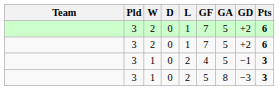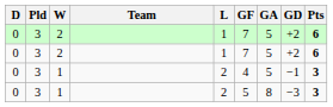 <table class="wikitable" style="text-align:center;">
 <tr>
-<th width=180>Team</th>
+<th width=20>D</th>
 <th width=20>Pld</th>
 <th width=20>W</th>
-<th width=20>D</th>
+<th width=180>Team</th>
 <th width=20>L</th>
 <th width=20>GF</th>
 <th width=20>GA</th>
 <th width=20>GD</th>
 <th width=20>Pts</th>
 </tr>
 <tr bgcolor=ccffcc>
-<td align="left"><em></em></td>
+<td>0</td>
 <td>3</td>
 <td>2</td>
-<td>0</td>
+<td align="left"><em></em></td>
 <td>1</td>
 <td>7</td>
 <td>5</td>
 <td>+2</td>
 <td><strong>6</strong></td>
 </tr>
 <tr>
-<td align="left"></td>
+<td>0</td>
 <td>3</td>
 <td>2</td>
-<td>0</td>
+<td align="left"></td>
 <td>1</td>
 <td>7</td>
 <td>5</td>
 <td>+2</td>
 <td><strong>6</strong></td>
 </tr>
 <tr>
-<td align="left"></td>
+<td>0</td>
 <td>3</td>
 <td>1</td>
-<td>0</td>
+<td align="left"></td>
 <td>2</td>
 <td>4</td>
 <td>5</td>
 <td>−1</td>
 <td><strong>3</strong></td>
 </tr>
 <tr>
-<td align="left"></td>
+<td>0</td>
 <td>3</td>
 <td>1</td>
-<td>0</td>
+<td align="left"></td>
 <td>2</td>
 <td>5</td>
 <td>8</td>
 <td>−3</td>
 <td><strong>3</strong></td>
 </tr>
 </table>
